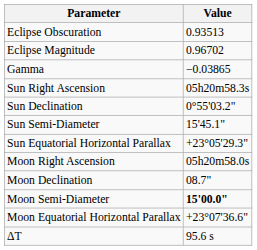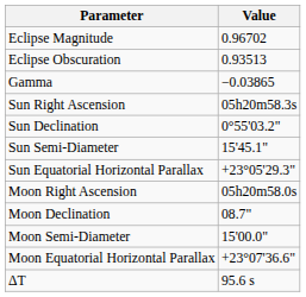 <table class="wikitable">
 <tr>
 <th>Parameter</th>
 <th>Value</th>
 </tr>
 <tr>
+<td>Eclipse Magnitude</td>
+<td>0.96702</td>
+</tr>
+<tr>
 <td>Eclipse Obscuration</td>
 <td>0.93513</td>
-</tr>
-<tr>
-<td>Eclipse Magnitude</td>
-<td>0.96702</td>
 </tr>
 <tr>
 <td>Gamma</td>
 <td>−0.03865</td>
 </tr>
 <tr>
 <td>Sun Right Ascension</td>
 <td>05h20m58.3s</td>
 </tr>
 <tr>
 <td>Sun Declination</td>
 <td>0°55'03.2"</td>
 </tr>
 <tr>
 <td>Sun Semi-Diameter</td>
 <td>15'45.1"</td>
 </tr>
 <tr>
 <td>Sun Equatorial Horizontal Parallax</td>
 <td>+23°05'29.3"</td>
 </tr>
 <tr>
 <td>Moon Right Ascension</td>
 <td>05h20m58.0s</td>
 </tr>
 <tr>
 <td>Moon Declination</td>
 <td>08.7"</td>
 </tr>
 <tr>
 <td>Moon Semi-Diameter</td>
-<td><strong>15'00.0"</strong></td>
+<td>15'00.0"</td>
 </tr>
 <tr>
 <td>Moon Equatorial Horizontal Parallax</td>
 <td>+23°07'36.6"</td>
 </tr>
 <tr>
 <td>ΔT</td>
 <td>95.6 s</td>
 </tr>
 </table>
